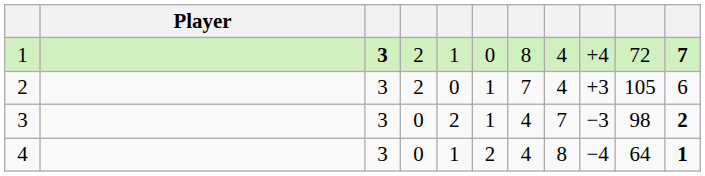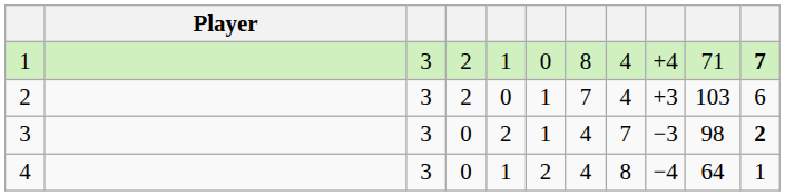 <table class="wikitable" style="text-align:center; margin: 1em auto 1em auto, align:left">
 <tr>
 <th width=20></th>
 <th width=240>Player</th>
 <th width=20></th>
 <th width=20></th>
 <th width=20></th>
 <th width=20></th>
 <th width=20></th>
 <th width=20></th>
 <th width=20></th>
 <th width=30></th>
 <th width=20></th>
 </tr>
 <tr style="background:#D0F0C0;">
 <td>1</td>
 <td align=left></td>
-<td><strong>3</strong></td>
+<td>3</td>
 <td>2</td>
 <td>1</td>
 <td>0</td>
 <td>8</td>
 <td>4</td>
 <td>+4</td>
-<td>72</td>
+<td>71</td>
 <td><strong>7</strong></td>
 </tr>
 <tr style=>
 <td>2</td>
 <td align=left></td>
 <td>3</td>
 <td>2</td>
 <td>0</td>
 <td>1</td>
 <td>7</td>
 <td>4</td>
 <td>+3</td>
-<td>105</td>
+<td>103</td>
 <td>6</td>
 </tr>
 <tr style=>
 <td>3</td>
 <td align=left></td>
 <td>3</td>
 <td>0</td>
 <td>2</td>
 <td>1</td>
 <td>4</td>
 <td>7</td>
 <td>−3</td>
 <td>98</td>
 <td><strong>2</strong></td>
 </tr>
 <tr style=>
 <td>4</td>
 <td align=left></td>
 <td>3</td>
 <td>0</td>
 <td>1</td>
 <td>2</td>
 <td>4</td>
 <td>8</td>
 <td>−4</td>
 <td>64</td>
-<td><strong>1</strong></td>
+<td>1</td>
 </tr>
 </table>
